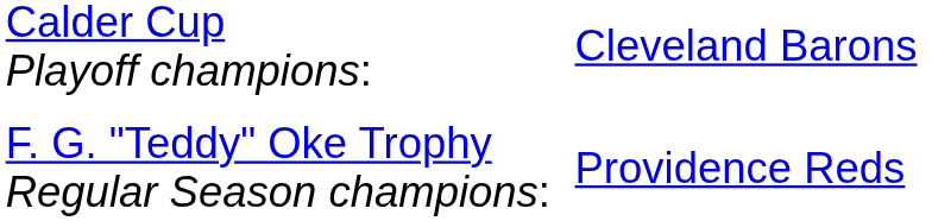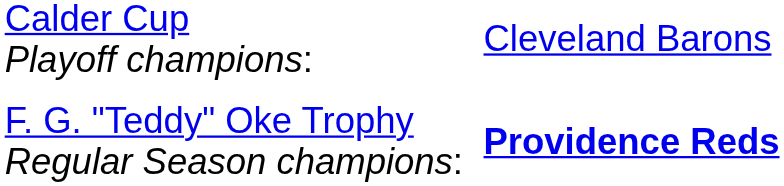 <table cellpadding="3" cellspacing="3">
 <tr>
 <td><a href='#'>Calder Cup</a><br><em>Playoff champions</em>:</td>
 <td><a href='#'>Cleveland Barons</a></td>
 </tr>
 <tr>
 <td><a href='#'>F. G. "Teddy" Oke Trophy</a><br><em>Regular Season champions</em>:</td>
-<td><a href='#'>Providence Reds</a></td>
+<td><strong><a href='#'>Providence Reds</a></strong></td>
 </tr>
 </table>
